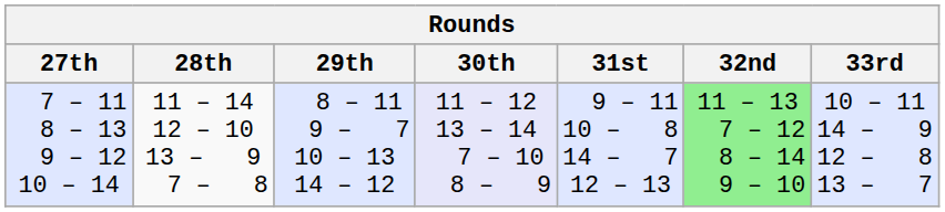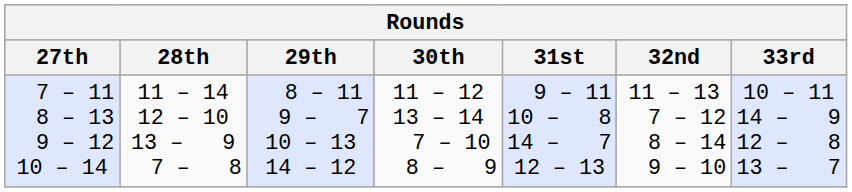 <table class="wikitable">
 <tr>
 <th colspan=7>Rounds</th>
 </tr>
 <tr>
 <th>27th</th>
 <th>28th</th>
 <th>29th</th>
 <th>30th</th>
 <th>31st</th>
 <th>32nd</th>
 <th>33rd</th>
 </tr>
 <tr align=center>
 <td bgcolor=DFE7FF>  7 – 11 <br>   8 – 13 <br>   9 – 12 <br> 10 – 14</td>
 <td>11 – 14 <br> 12 – 10 <br> 13 –   9 <br>   7 –   8</td>
 <td bgcolor=DFE7FF>  8 – 11 <br>   9 –   7 <br> 10 – 13 <br> 14 – 12</td>
-<td style="background: lavender;">11 – 12 <br> 13 – 14 <br>   7 – 10 <br>   8 –   9</td>
+<td>11 – 12 <br> 13 – 14 <br>   7 – 10 <br>   8 –   9</td>
 <td bgcolor=DFE7FF>  9 – 11 <br> 10 –   8 <br> 14 –   7 <br> 12 – 13</td>
-<td style="background: lightgreen;">11 – 13 <br>   7 – 12 <br>   8 – 14 <br>   9 – 10</td>
+<td>11 – 13 <br>   7 – 12 <br>   8 – 14 <br>   9 – 10</td>
 <td bgcolor=DFE7FF>10 – 11 <br> 14 –   9 <br> 12 –   8 <br> 13 –   7</td>
 </tr>
 </table>
